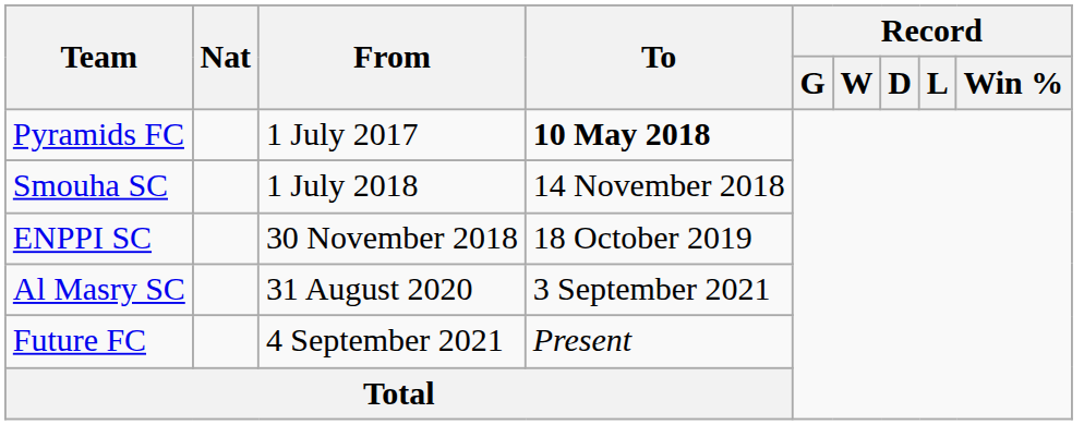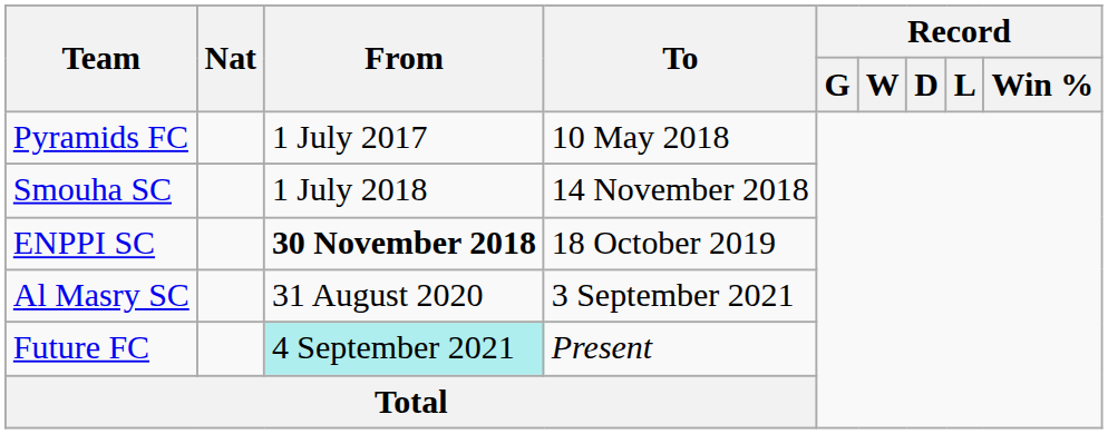 <table class="wikitable" style="text-align: center">
 <tr>
 <th rowspan="2">Team</th>
 <th rowspan="2">Nat</th>
 <th rowspan="2">From</th>
 <th rowspan="2">To</th>
 <th colspan="5">Record</th>
 </tr>
 <tr>
 <th>G</th>
 <th>W</th>
 <th>D</th>
 <th>L</th>
 <th>Win %</th>
 </tr>
 <tr>
 <td align=left><a href='#'>Pyramids FC</a></td>
 <td></td>
 <td align=left>1 July 2017</td>
-<td align=left><strong>10 May 2018<br></strong></td>
+<td align=left>10 May 2018<br></td>
 </tr>
 <tr>
 <td align=left><a href='#'>Smouha SC</a></td>
 <td></td>
 <td align=left>1 July 2018</td>
 <td align=left>14 November 2018<br></td>
 </tr>
 <tr>
 <td align=left><a href='#'>ENPPI SC</a></td>
 <td></td>
-<td align=left>30 November 2018</td>
+<td align=left><strong>30 November 2018</strong></td>
 <td align=left>18 October 2019<br></td>
 </tr>
 <tr>
 <td align=left><a href='#'>Al Masry SC</a></td>
 <td></td>
 <td align=left>31 August 2020</td>
 <td align=left>3 September 2021<br></td>
 </tr>
 <tr>
 <td align=left><a href='#'>Future FC</a></td>
 <td></td>
-<td align=left>4 September 2021</td>
+<td align=left style="background: paleturquoise;">4 September 2021</td>
 <td align=left><em>Present</em><br></td>
 </tr>
 <tr>
 <th colspan=4>Total<br></th>
 </tr>
 </table>
